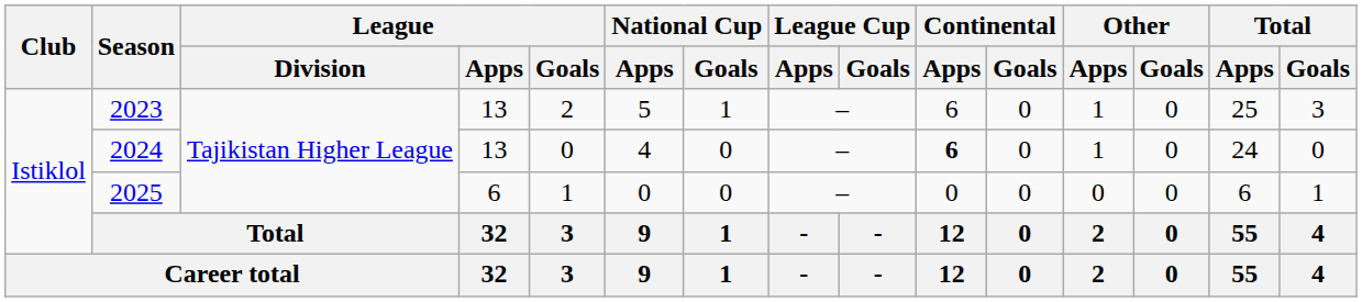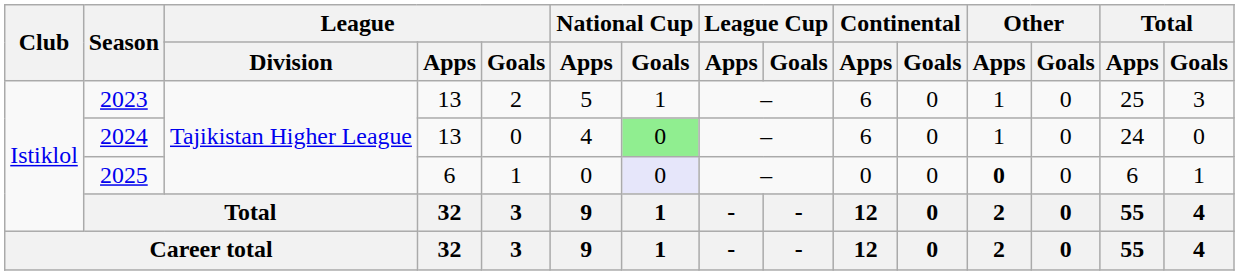 <table class="wikitable" style="text-align: center">
 <tr>
 <th rowspan="2">Club</th>
 <th rowspan="2">Season</th>
 <th colspan="3">League</th>
 <th colspan="2">National Cup</th>
 <th colspan="2">League Cup</th>
 <th colspan="2">Continental</th>
 <th colspan="2">Other</th>
 <th colspan="2">Total</th>
 </tr>
 <tr>
 <th>Division</th>
 <th>Apps</th>
 <th>Goals</th>
 <th>Apps</th>
 <th>Goals</th>
 <th>Apps</th>
 <th>Goals</th>
 <th>Apps</th>
 <th>Goals</th>
 <th>Apps</th>
 <th>Goals</th>
 <th>Apps</th>
 <th>Goals</th>
 </tr>
 <tr>
 <td rowspan="4"><a href='#'>Istiklol</a></td>
 <td><a href='#'>2023</a></td>
 <td rowspan="3"><a href='#'>Tajikistan Higher League</a></td>
 <td>13</td>
 <td>2</td>
 <td>5</td>
 <td>1</td>
 <td colspan="2">–</td>
 <td>6</td>
 <td>0</td>
 <td>1</td>
 <td>0</td>
 <td>25</td>
 <td>3</td>
 </tr>
 <tr>
 <td><a href='#'>2024</a></td>
 <td>13</td>
 <td>0</td>
 <td>4</td>
-<td>0</td>
+<td style="background: lightgreen;">0</td>
 <td colspan="2">–</td>
-<td><strong>6</strong></td>
+<td>6</td>
 <td>0</td>
 <td>1</td>
 <td>0</td>
 <td>24</td>
 <td>0</td>
 </tr>
 <tr>
 <td><a href='#'>2025</a></td>
 <td>6</td>
 <td>1</td>
 <td>0</td>
-<td>0</td>
+<td style="background: lavender;">0</td>
 <td colspan="2">–</td>
 <td>0</td>
 <td>0</td>
-<td>0</td>
+<td><strong>0</strong></td>
 <td>0</td>
 <td>6</td>
 <td>1</td>
 </tr>
 <tr>
 <th colspan="2">Total</th>
 <th>32</th>
 <th>3</th>
 <th>9</th>
 <th>1</th>
 <th>-</th>
 <th>-</th>
 <th>12</th>
 <th>0</th>
 <th>2</th>
 <th>0</th>
 <th>55</th>
 <th>4</th>
 </tr>
 <tr>
 <th colspan="3">Career total</th>
 <th>32</th>
 <th>3</th>
 <th>9</th>
 <th>1</th>
 <th>-</th>
 <th>-</th>
 <th>12</th>
 <th>0</th>
 <th>2</th>
 <th>0</th>
 <th>55</th>
 <th>4</th>
 </tr>
 </table>
